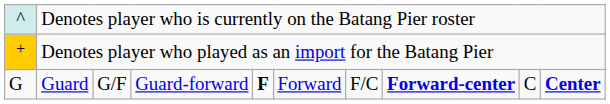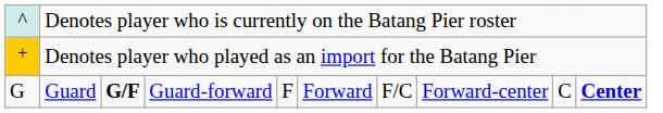 <table class="wikitable">
 <tr>
 <td align="center" bgcolor="#CFECEC" width="20">^</td>
 <td colspan=9>Denotes player who is currently on the Batang Pier roster</td>
 </tr>
 <tr>
 <td align="center" bgcolor="#FFCC00" width="20"><sup>+</sup></td>
 <td colspan=9>Denotes player who played as an <a href='#'>import</a> for the Batang Pier</td>
 </tr>
 <tr>
 <td>G</td>
 <td><a href='#'>Guard</a></td>
-<td>G/F</td>
+<td><strong>G/F</strong></td>
 <td><a href='#'>Guard-forward</a></td>
-<td><strong>F</strong></td>
+<td>F</td>
 <td><a href='#'>Forward</a></td>
 <td>F/C</td>
-<td><strong><a href='#'>Forward-center</a></strong></td>
+<td><a href='#'>Forward-center</a></td>
 <td>C</td>
 <td><strong><a href='#'>Center</a></strong></td>
 </tr>
 </table>
